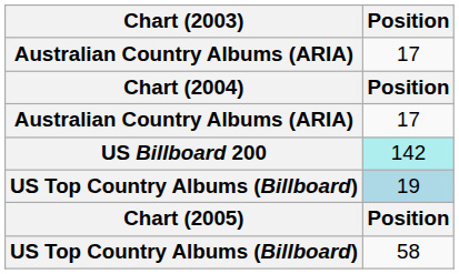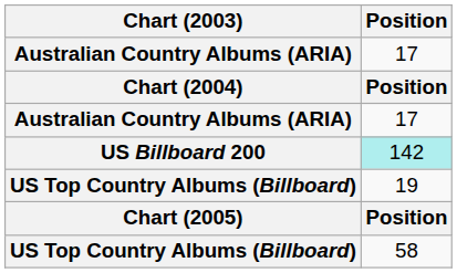 <table class="wikitable sortable plainrowheaders" style="text-align:center">
 <tr>
 <th>Chart (2003)</th>
 <th>Position</th>
 </tr>
 <tr>
 <th scope="row">Australian Country Albums (ARIA)</th>
 <td>17</td>
 </tr>
 <tr>
 <th>Chart (2004)</th>
 <th>Position</th>
 </tr>
 <tr>
 <th scope="row">Australian Country Albums (ARIA)</th>
 <td>17</td>
 </tr>
 <tr>
 <th scope="row">US <em>Billboard</em> 200</th>
 <td style="background: paleturquoise;">142</td>
 </tr>
 <tr>
 <th scope="row">US Top Country Albums (<em>Billboard</em>)</th>
-<td style="background: lightblue;">19</td>
+<td>19</td>
 </tr>
 <tr>
 <th>Chart (2005)</th>
 <th>Position</th>
 </tr>
 <tr>
 <th scope="row">US Top Country Albums (<em>Billboard</em>)</th>
 <td>58</td>
 </tr>
 </table>
